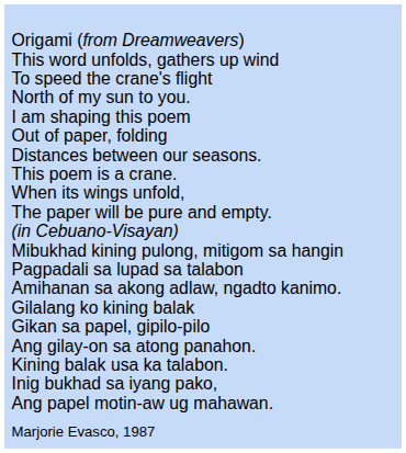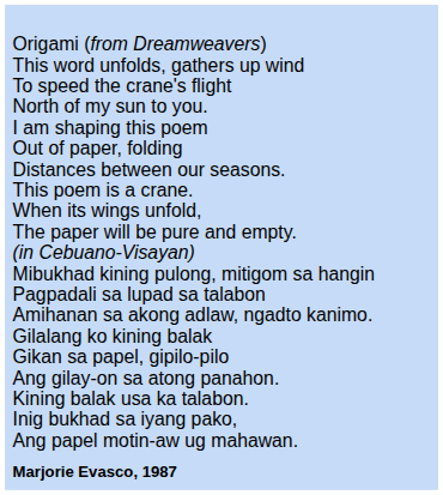 <table class="toccolours" style="float: right; margin-left: 1em; margin-right: 1em; font-size: 85%; background:#c6dbf7; color:black; width:23em; max-width: 25%;" cellspacing="5">
 <tr>
 <td style="text-align: left;"><br>Origami (<em>from Dreamweavers</em>)<br>This word unfolds, gathers up wind<br> To speed the crane's flight<br> North of my sun to you.<br> I am shaping this poem<br> Out of paper, folding<br> Distances between our seasons.<br> This poem is a crane.<br> When its wings unfold,<br> The paper will be pure and empty.<br><em>(in Cebuano-Visayan)</em><br> Mibukhad kining pulong, mitigom sa hangin<br> Pagpadali sa lupad sa talabon<br> Amihanan sa akong adlaw, ngadto kanimo.<br> Gilalang ko kining balak<br> Gikan sa papel, gipilo-pilo<br> Ang gilay-on sa atong panahon.<br> Kining balak usa ka talabon.<br> Inig bukhad sa iyang pako,<br> Ang papel motin-aw ug mahawan.</td>
 </tr>
 <tr>
-<td style="text-align: left;"><small>Marjorie Evasco, 1987</small></td>
+<td style="text-align: left;"><strong><small>Marjorie Evasco, 1987</small></strong></td>
 </tr>
 </table>
